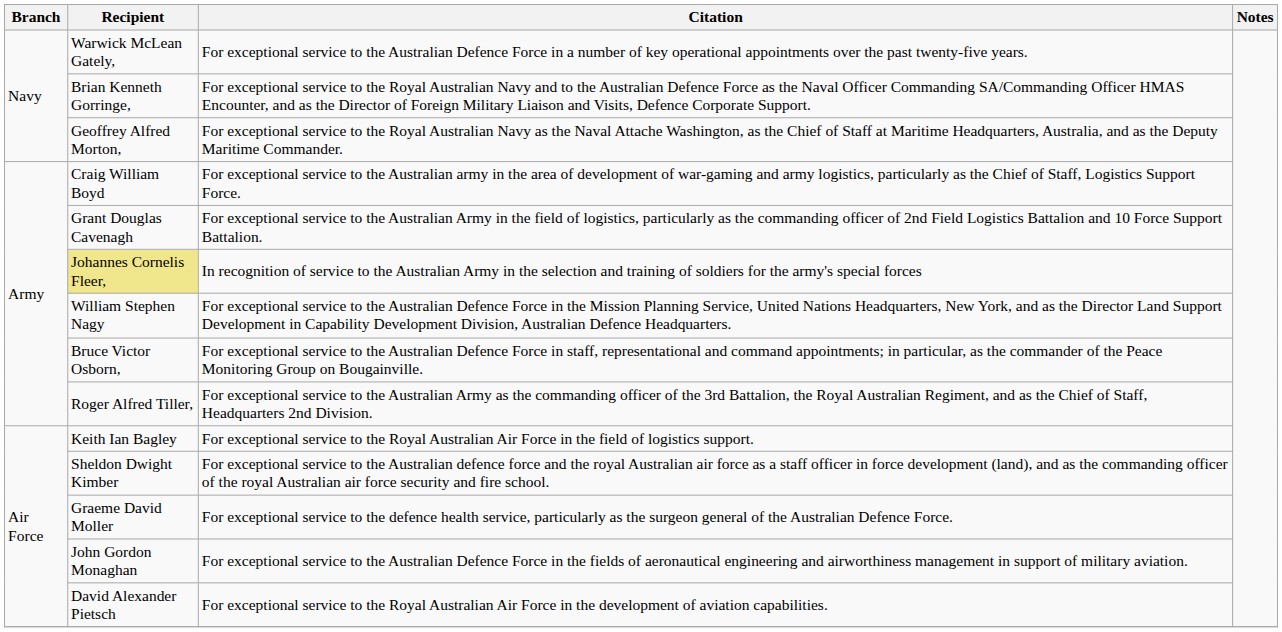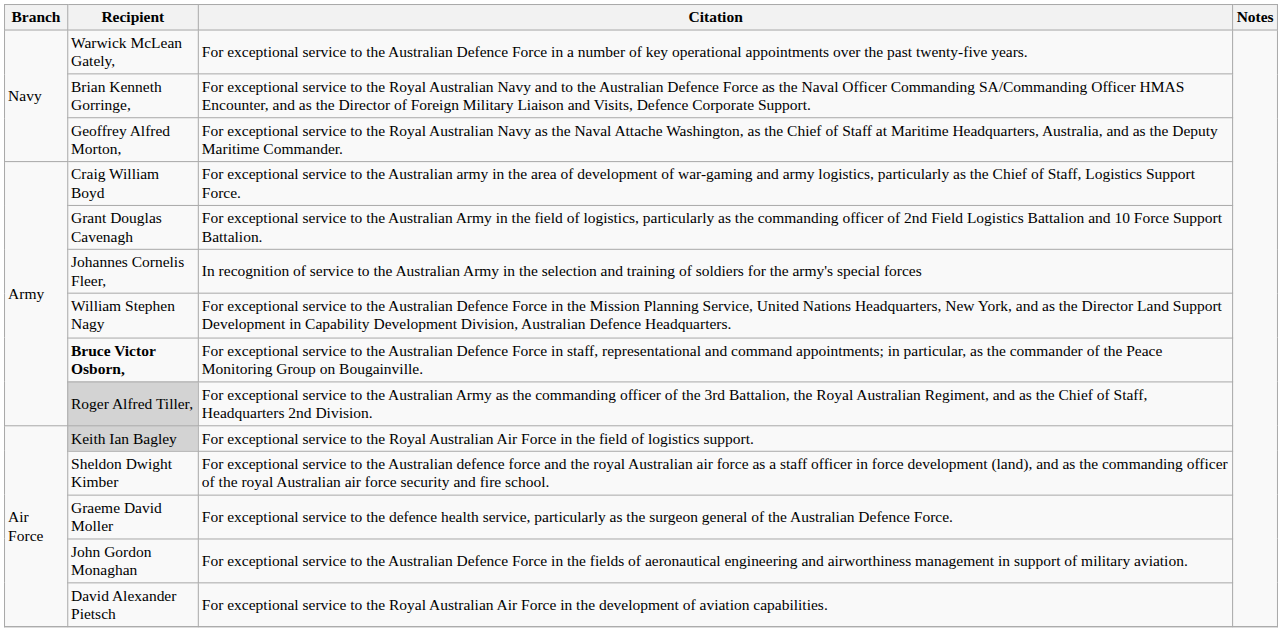 <table class="wikitable" style="font-size:95%;">
 <tr>
 <th>Branch</th>
 <th>Recipient</th>
 <th>Citation</th>
 <th>Notes</th>
 </tr>
 <tr>
 <td rowspan="3">Navy</td>
 <td> Warwick McLean Gately, </td>
 <td>For exceptional service to the Australian Defence Force in a number of key operational appointments over the past twenty-five years.</td>
 <td rowspan=14></td>
 </tr>
 <tr>
 <td> Brian Kenneth Gorringe, </td>
 <td>For exceptional service to the Royal Australian Navy and to the Australian Defence Force as the Naval Officer Commanding SA/Commanding Officer HMAS Encounter, and as the Director of Foreign Military Liaison and Visits, Defence Corporate Support.</td>
 </tr>
 <tr>
 <td> Geoffrey Alfred Morton, </td>
 <td>For exceptional service to the Royal Australian Navy as the Naval Attache Washington, as the Chief of Staff at Maritime Headquarters, Australia, and as the Deputy Maritime Commander.</td>
 </tr>
 <tr>
 <td rowspan="6">Army</td>
 <td> Craig William Boyd</td>
 <td>For exceptional service to the Australian army in the area of development of war-gaming and army logistics, particularly as the Chief of Staff, Logistics Support Force.</td>
 </tr>
 <tr>
 <td> Grant Douglas Cavenagh</td>
 <td>For exceptional service to the Australian Army in the field of logistics, particularly as the commanding officer of 2nd Field Logistics Battalion and 10 Force Support Battalion.</td>
 </tr>
 <tr>
-<td style="background: khaki;"> Johannes Cornelis Fleer, </td>
+<td> Johannes Cornelis Fleer, </td>
 <td>In recognition of service to the Australian Army in the selection and training of soldiers for the army's special forces</td>
 </tr>
 <tr>
 <td> William Stephen Nagy</td>
 <td>For exceptional service to the Australian Defence Force in the Mission Planning Service, United Nations Headquarters, New York, and as the Director Land Support Development in Capability Development Division, Australian Defence Headquarters.</td>
 </tr>
 <tr>
-<td> Bruce Victor Osborn, </td>
+<td><strong> Bruce Victor Osborn, </strong></td>
 <td>For exceptional service to the Australian Defence Force in staff, representational and command appointments; in particular, as the commander of the Peace Monitoring Group on Bougainville.</td>
 </tr>
 <tr>
-<td> Roger Alfred Tiller, </td>
+<td style="background: lightgrey;"> Roger Alfred Tiller, </td>
 <td>For exceptional service to the Australian Army as the commanding officer of the 3rd Battalion, the Royal Australian Regiment, and as the Chief of Staff, Headquarters 2nd Division.</td>
 </tr>
 <tr>
 <td rowspan="5">Air Force</td>
-<td> Keith Ian Bagley</td>
+<td style="background: lightgrey;"> Keith Ian Bagley</td>
 <td>For exceptional service to the Royal Australian Air Force in the field of logistics support.</td>
 </tr>
 <tr>
 <td> Sheldon Dwight Kimber</td>
 <td>For exceptional service to the Australian defence force and the royal Australian air force as a staff officer in force development (land), and as the commanding officer of the royal Australian air force security and fire school.</td>
 </tr>
 <tr>
 <td> Graeme David Moller</td>
 <td>For exceptional service to the defence health service, particularly as the surgeon general of the Australian Defence Force.</td>
 </tr>
 <tr>
 <td> John Gordon Monaghan</td>
 <td>For exceptional service to the Australian Defence Force in the fields of aeronautical engineering and airworthiness management in support of military aviation.</td>
 </tr>
 <tr>
 <td> David Alexander Pietsch</td>
 <td>For exceptional service to the Royal Australian Air Force in the development of aviation capabilities.</td>
 </tr>
 <tr>
 </tr>
 </table>
